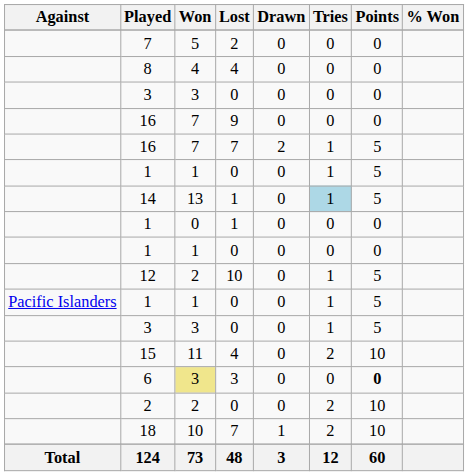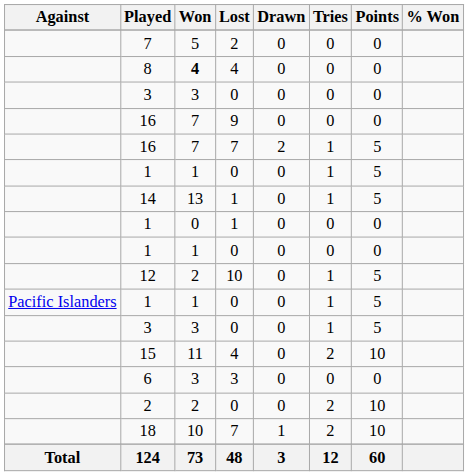 <table class="sortable wikitable" style="text-align: center;">
 <tr>
 </tr>
 <tr>
 <th>Against</th>
 <th>Played</th>
 <th>Won</th>
 <th>Lost</th>
 <th>Drawn</th>
 <th>Tries</th>
 <th>Points</th>
 <th>% Won</th>
 </tr>
 <tr bgcolor="#d0ffd0" align="center">
 </tr>
 <tr>
 <td align="left"></td>
 <td>7</td>
 <td>5</td>
 <td>2</td>
 <td>0</td>
 <td>0</td>
 <td>0</td>
 <td></td>
 </tr>
 <tr>
 <td align="left"></td>
 <td>8</td>
-<td>4</td>
+<td><strong>4</strong></td>
 <td>4</td>
 <td>0</td>
 <td>0</td>
 <td>0</td>
 <td></td>
 </tr>
 <tr>
 <td align="left"></td>
 <td>3</td>
 <td>3</td>
 <td>0</td>
 <td>0</td>
 <td>0</td>
 <td>0</td>
 <td></td>
 </tr>
 <tr>
 <td align="left"></td>
 <td>16</td>
 <td>7</td>
 <td>9</td>
 <td>0</td>
 <td>0</td>
 <td>0</td>
 <td></td>
 </tr>
 <tr>
 <td align="left"></td>
 <td>16</td>
 <td>7</td>
 <td>7</td>
 <td>2</td>
 <td>1</td>
 <td>5</td>
 <td></td>
 </tr>
 <tr>
 <td align="left"></td>
 <td>1</td>
 <td>1</td>
 <td>0</td>
 <td>0</td>
 <td>1</td>
 <td>5</td>
 <td></td>
 </tr>
 <tr>
 <td align="left"></td>
 <td>14</td>
 <td>13</td>
 <td>1</td>
 <td>0</td>
-<td style="background: lightblue;">1</td>
+<td>1</td>
 <td>5</td>
 <td></td>
 </tr>
 <tr>
 <td align="left"></td>
 <td>1</td>
 <td>0</td>
 <td>1</td>
 <td>0</td>
 <td>0</td>
 <td>0</td>
 <td></td>
 </tr>
 <tr>
 <td align="left"></td>
 <td>1</td>
 <td>1</td>
 <td>0</td>
 <td>0</td>
 <td>0</td>
 <td>0</td>
 <td></td>
 </tr>
 <tr>
 <td align="left"></td>
 <td>12</td>
 <td>2</td>
 <td>10</td>
 <td>0</td>
 <td>1</td>
 <td>5</td>
 <td></td>
 </tr>
 <tr>
 <td align="left"><a href='#'>Pacific Islanders</a></td>
 <td>1</td>
 <td>1</td>
 <td>0</td>
 <td>0</td>
 <td>1</td>
 <td>5</td>
 <td></td>
 </tr>
 <tr>
 <td align="left"></td>
 <td>3</td>
 <td>3</td>
 <td>0</td>
 <td>0</td>
 <td>1</td>
 <td>5</td>
 <td></td>
 </tr>
 <tr>
 <td align="left"></td>
 <td>15</td>
 <td>11</td>
 <td>4</td>
 <td>0</td>
 <td>2</td>
 <td>10</td>
 <td></td>
 </tr>
 <tr>
 <td align="left"></td>
 <td>6</td>
-<td style="background: khaki;">3</td>
+<td>3</td>
 <td>3</td>
 <td>0</td>
 <td>0</td>
-<td><strong>0</strong></td>
+<td>0</td>
 <td></td>
 </tr>
 <tr>
 <td align="left"></td>
 <td>2</td>
 <td>2</td>
 <td>0</td>
 <td>0</td>
 <td>2</td>
 <td>10</td>
 <td></td>
 </tr>
 <tr>
 <td align="left"></td>
 <td>18</td>
 <td>10</td>
 <td>7</td>
 <td>1</td>
 <td>2</td>
 <td>10</td>
 <td></td>
 </tr>
 <tr>
 </tr>
 <tr class="sortbottom">
 <th>Total</th>
 <th>124</th>
 <th>73</th>
 <th>48</th>
 <th>3</th>
 <th>12</th>
 <th>60</th>
 <th></th>
 </tr>
 </table>
